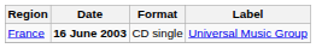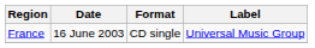 <table class=wikitable>
 <tr>
 <th>Region</th>
 <th>Date</th>
 <th>Format</th>
 <th>Label</th>
 </tr>
 <tr>
 <td><a href='#'>France</a></td>
-<td><strong>16 June 2003</strong></td>
+<td>16 June 2003</td>
 <td>CD single</td>
 <td><a href='#'>Universal Music Group</a></td>
 </tr>
 <tr>
 </tr>
 </table>
